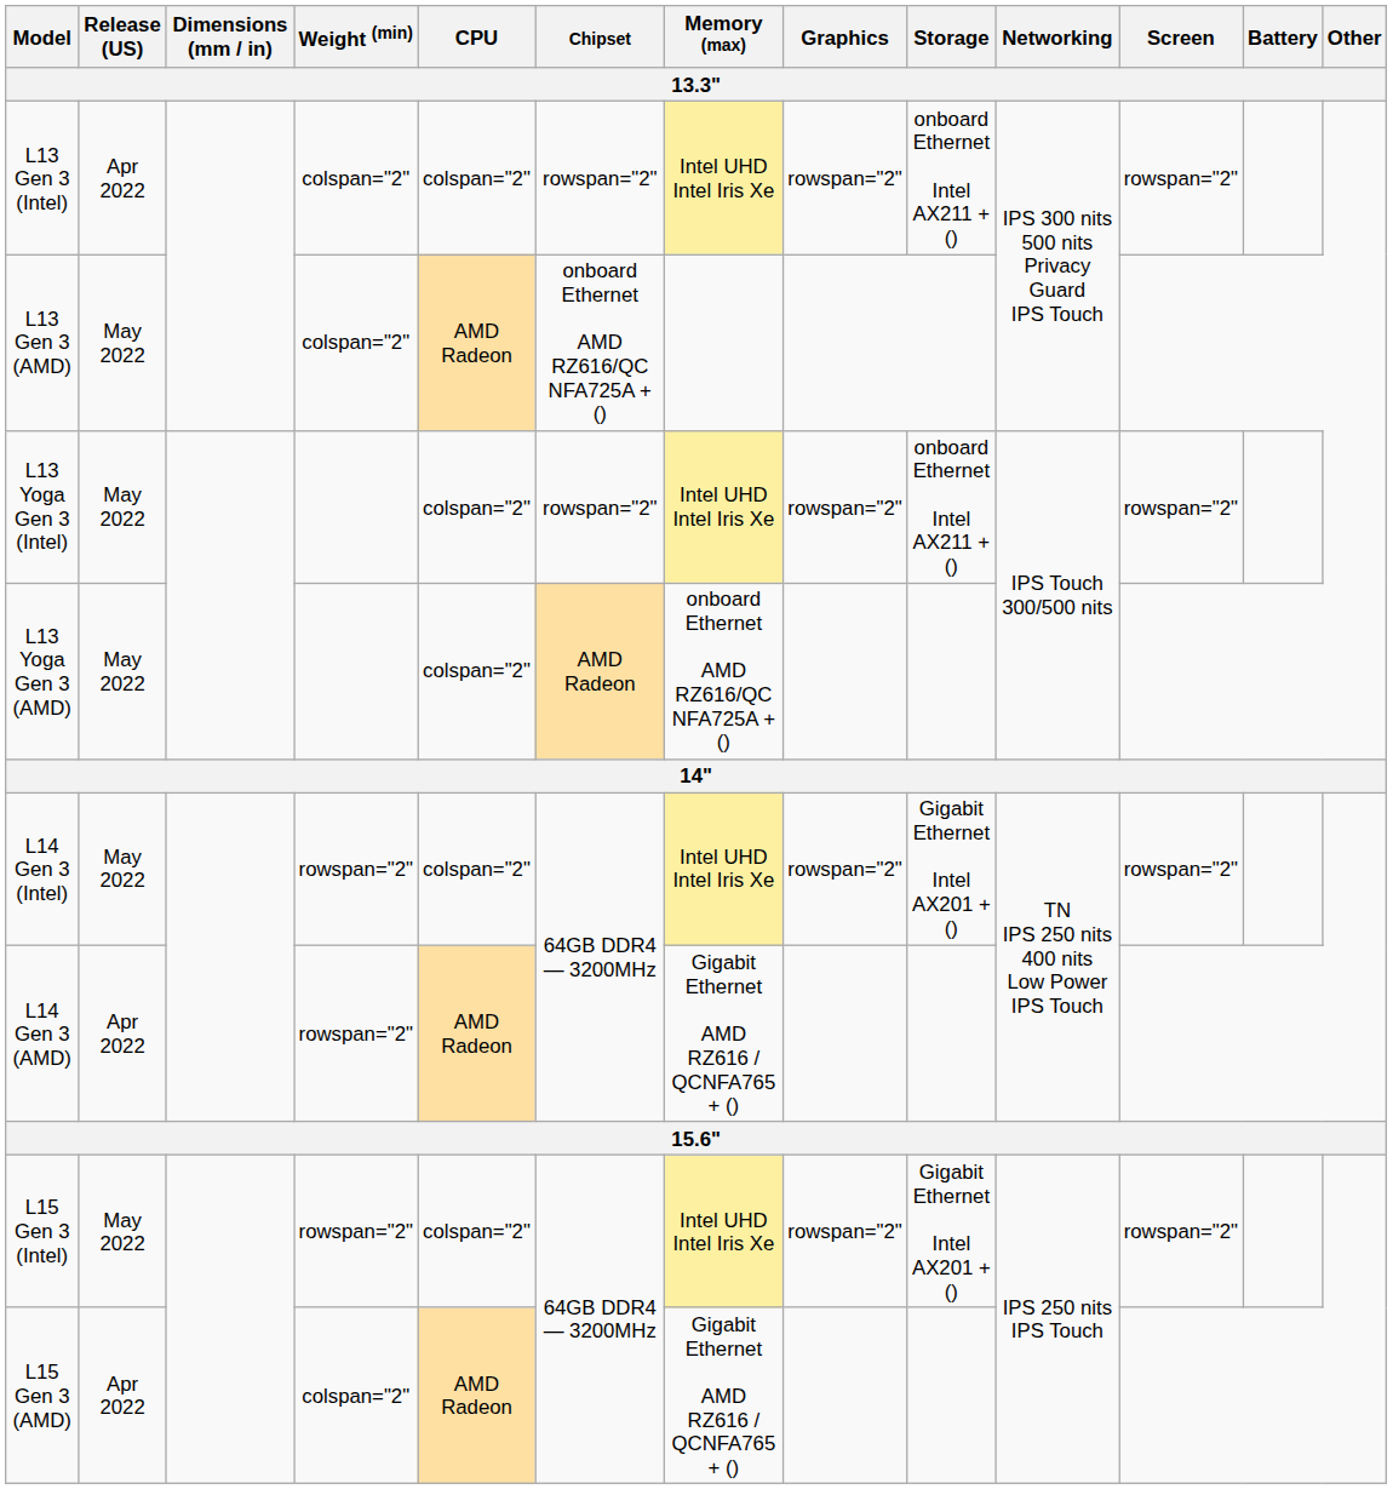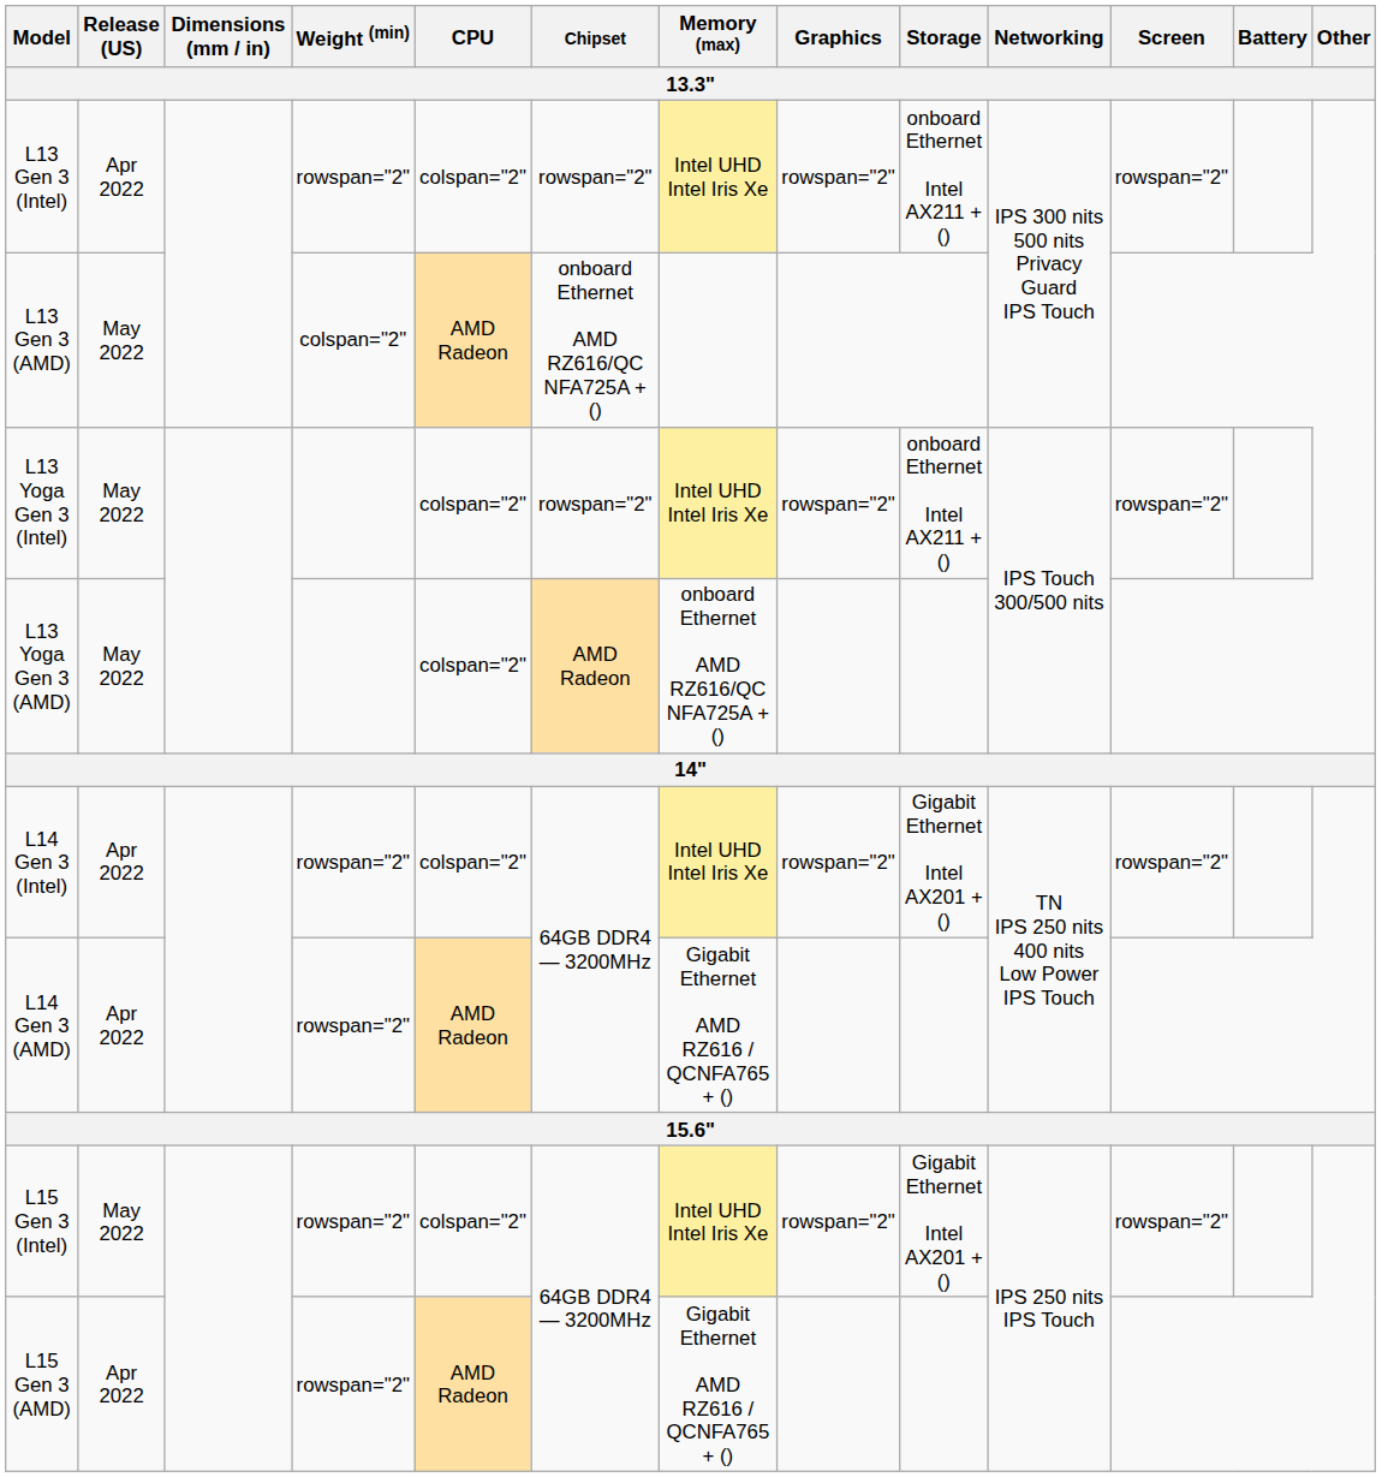 <table class="wikitable" style="font-size: 80%; text-align: center; min-width: 80%;">
 <tr>
 <th>Model</th>
 <th>Release (US)</th>
 <th>Dimensions (mm / in)</th>
 <th>Weight <sup>(min)</sup></th>
 <th>CPU</th>
 <th><small>Chipset</small></th>
 <th>Memory <sup>(max)</sup></th>
 <th>Graphics</th>
 <th>Storage</th>
 <th>Networking</th>
 <th>Screen</th>
 <th>Battery</th>
 <th>Other</th>
 </tr>
 <tr>
 <th colspan="13">13.3"</th>
 </tr>
 <tr>
 <td>L13 Gen 3 (Intel)</td>
 <td>Apr 2022</td>
 <td rowspan="2"></td>
-<td>colspan="2" </td>
+<td>rowspan="2" </td>
 <td>colspan="2" </td>
 <td>rowspan="2" </td>
 <td style="background:#fdf1a1;">Intel UHD  Intel Iris Xe</td>
 <td>rowspan="2" </td>
 <td> onboard Ethernet<br><br>Intel  AX211 +  ()<br><small></small></td>
 <td rowspan="2" style="background:"> IPS 300 nits<br> 500 nits Privacy Guard<br> IPS Touch</td>
 <td>rowspan="2" </td>
 <td><br></td>
 </tr>
 <tr>
 <td>L13 Gen 3 (AMD)</td>
 <td>May 2022</td>
 <td>colspan="2" </td>
 <td style="background:#fee0a3;">AMD Radeon</td>
 <td> onboard Ethernet<br><br>AMD  RZ616/QC NFA725A +  ()<br><small></small></td>
 <td></td>
 </tr>
 <tr>
 <td>L13 Yoga Gen 3 (Intel)</td>
 <td>May 2022</td>
 <td rowspan="2"></td>
 <td></td>
 <td>colspan="2" </td>
 <td>rowspan="2" </td>
 <td style="background:#fdf1a1;">Intel UHD  Intel Iris Xe</td>
 <td>rowspan="2" </td>
 <td> onboard Ethernet<br><br>Intel  AX211 +  ()<br><small></small></td>
 <td rowspan="2" style="background:"> IPS Touch 300/500 nits</td>
 <td>rowspan="2" </td>
 <td><br></td>
 </tr>
 <tr>
 <td>L13 Yoga Gen 3 (AMD)</td>
 <td>May 2022</td>
 <td></td>
 <td>colspan="2" </td>
 <td style="background:#fee0a3;">AMD Radeon</td>
 <td> onboard Ethernet<br><br>AMD  RZ616/QC NFA725A +  ()<br><small></small></td>
 <td></td>
 </tr>
 <tr>
 <th colspan="13">14"</th>
 </tr>
 <tr>
 <td>L14 Gen 3 (Intel)</td>
-<td>May 2022</td>
+<td>Apr 2022</td>
 <td rowspan="2"></td>
 <td>rowspan="2" </td>
 <td>colspan="2" </td>
 <td rowspan="2" style="background:">64GB DDR4 — 3200MHz</td>
 <td style="background:#fdf1a1;">Intel UHD  Intel Iris Xe</td>
 <td>rowspan="2" </td>
 <td>Gigabit Ethernet<br><br>Intel  AX201 +  ()<br><small></small></td>
 <td rowspan="2" style="background:"> TN<br> IPS 250 nits<br> 400 nits Low Power<br> IPS Touch</td>
 <td>rowspan="2" </td>
 <td><br></td>
 </tr>
 <tr>
 <td>L14 Gen 3 (AMD)</td>
 <td>Apr 2022</td>
 <td>rowspan="2" </td>
 <td style="background:#fee0a3;">AMD Radeon</td>
 <td>Gigabit Ethernet<br><br>AMD  RZ616 / QCNFA765 +  ()<br><small></small></td>
 <td><br></td>
 </tr>
 <tr>
 <th colspan="13">15.6"</th>
 </tr>
 <tr>
 <td>L15 Gen 3 (Intel)</td>
 <td>May 2022</td>
 <td rowspan="2"></td>
 <td>rowspan="2" </td>
 <td>colspan="2" </td>
 <td rowspan="2" style="background:">64GB DDR4 — 3200MHz</td>
 <td style="background:#fdf1a1;">Intel UHD  Intel Iris Xe</td>
 <td>rowspan="2" </td>
 <td>Gigabit Ethernet<br><br>Intel  AX201 +  ()<br><small></small></td>
 <td rowspan="2" style="background:"> IPS 250 nits<br> IPS Touch</td>
 <td>rowspan="2" </td>
 <td><br></td>
 </tr>
 <tr>
 <td>L15 Gen 3 (AMD)</td>
 <td>Apr 2022</td>
-<td>colspan="2" </td>
+<td>rowspan="2" </td>
 <td style="background:#fee0a3;">AMD Radeon</td>
 <td>Gigabit Ethernet<br><br>AMD  RZ616 / QCNFA765 +  ()<br><small></small></td>
 <td><br></td>
 </tr>
 </table>
